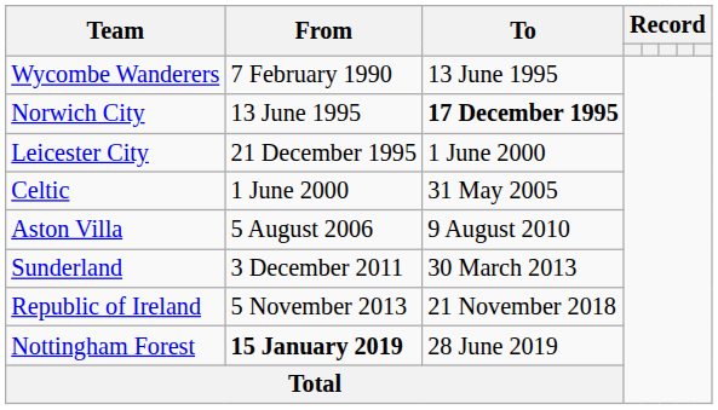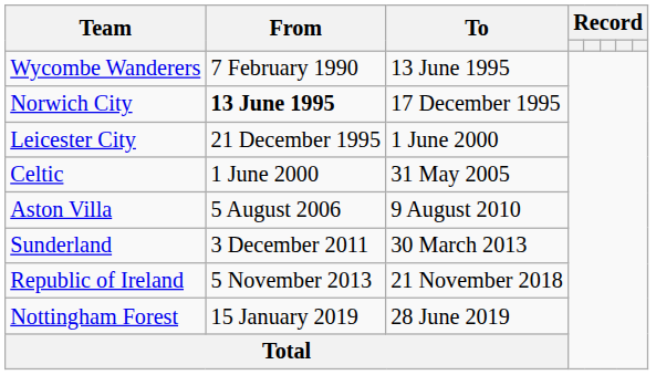 <table class=wikitable style=text-align:center>
 <tr>
 <th rowspan=2>Team</th>
 <th rowspan=2>From</th>
 <th rowspan=2>To</th>
 <th colspan=5>Record</th>
 </tr>
 <tr>
 <th></th>
 <th></th>
 <th></th>
 <th></th>
 <th></th>
 </tr>
 <tr>
 <td align=left><a href='#'>Wycombe Wanderers</a></td>
 <td align=left>7 February 1990</td>
 <td align=left>13 June 1995<br></td>
 </tr>
 <tr>
 <td align=left><a href='#'>Norwich City</a></td>
-<td align=left>13 June 1995</td>
-<td align=left><strong>17 December 1995<br></strong></td>
+<td align=left><strong>13 June 1995</strong></td>
+<td align=left>17 December 1995<br></td>
 </tr>
 <tr>
 <td align=left><a href='#'>Leicester City</a></td>
 <td align=left>21 December 1995</td>
 <td align=left>1 June 2000<br></td>
 </tr>
 <tr>
 <td align=left><a href='#'>Celtic</a></td>
 <td align=left>1 June 2000</td>
 <td align=left>31 May 2005<br></td>
 </tr>
 <tr>
 <td align=left><a href='#'>Aston Villa</a></td>
 <td align=left>5 August 2006</td>
 <td align=left>9 August 2010<br></td>
 </tr>
 <tr>
 <td align=left><a href='#'>Sunderland</a></td>
 <td align=left>3 December 2011</td>
 <td align=left>30 March 2013<br></td>
 </tr>
 <tr>
 <td align=left><a href='#'>Republic of Ireland</a></td>
 <td align=left>5 November 2013</td>
 <td align=left>21 November 2018<br></td>
 </tr>
 <tr>
 <td align=left><a href='#'>Nottingham Forest</a></td>
-<td align=left><strong>15 January 2019</strong></td>
+<td align=left>15 January 2019</td>
 <td align=left>28 June 2019<br></td>
 </tr>
 <tr>
 <th colspan=3>Total<br></th>
 </tr>
 </table>
